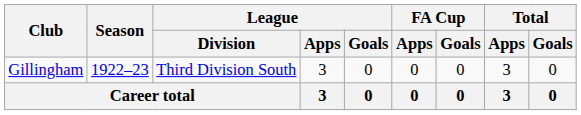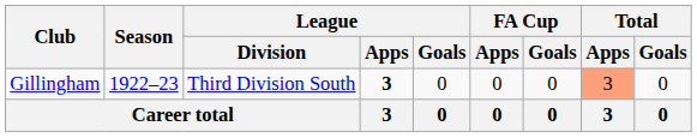 <table class="wikitable" style="text-align: center;">
 <tr>
 <th rowspan="2">Club</th>
 <th rowspan="2">Season</th>
 <th colspan="3">League</th>
 <th colspan="2">FA Cup</th>
 <th colspan="2">Total</th>
 </tr>
 <tr>
 <th>Division</th>
 <th>Apps</th>
 <th>Goals</th>
 <th>Apps</th>
 <th>Goals</th>
 <th>Apps</th>
 <th>Goals</th>
 </tr>
 <tr>
 <td><a href='#'>Gillingham</a></td>
 <td><a href='#'>1922–23</a></td>
 <td><a href='#'>Third Division South</a></td>
-<td>3</td>
+<td><strong>3</strong></td>
 <td>0</td>
 <td>0</td>
 <td>0</td>
-<td>3</td>
+<td style="background: lightsalmon;">3</td>
 <td>0</td>
 </tr>
 <tr>
 <th colspan="3">Career total</th>
 <th>3</th>
 <th>0</th>
 <th>0</th>
 <th>0</th>
 <th>3</th>
 <th>0</th>
 </tr>
 </table>
